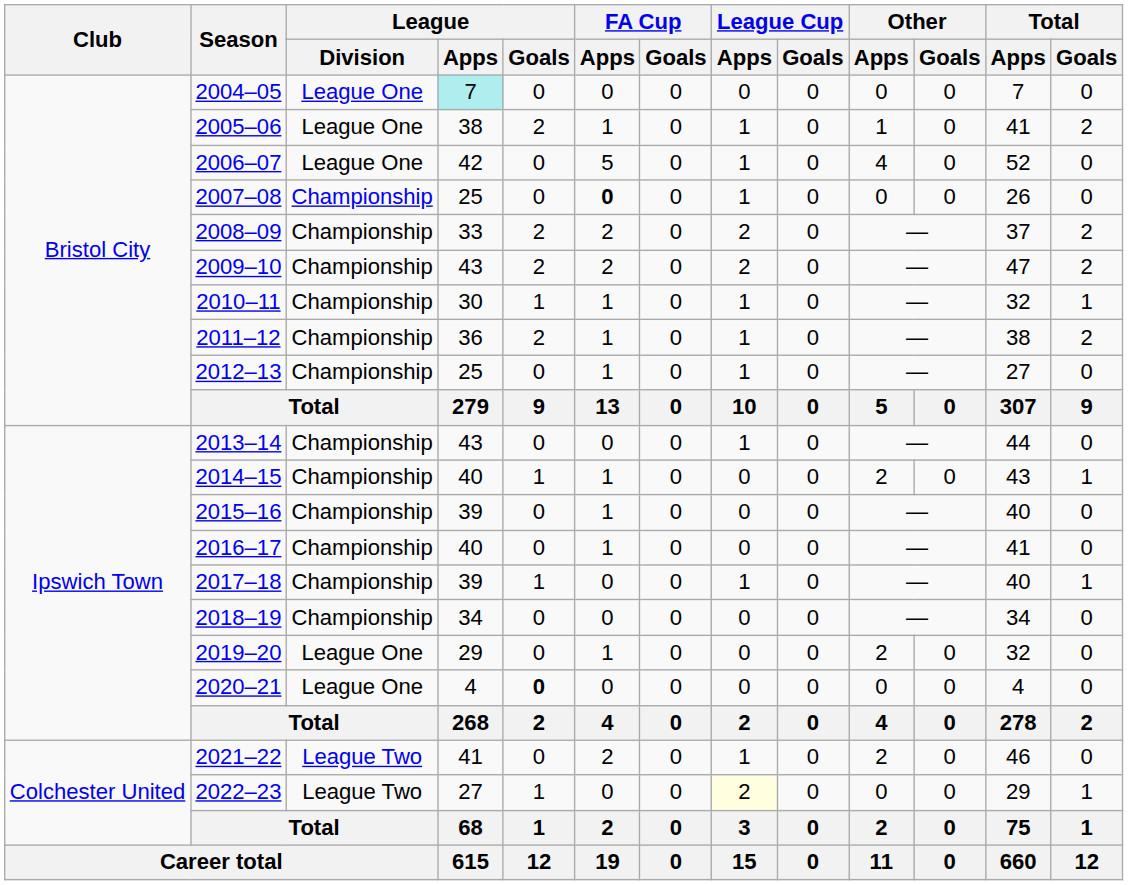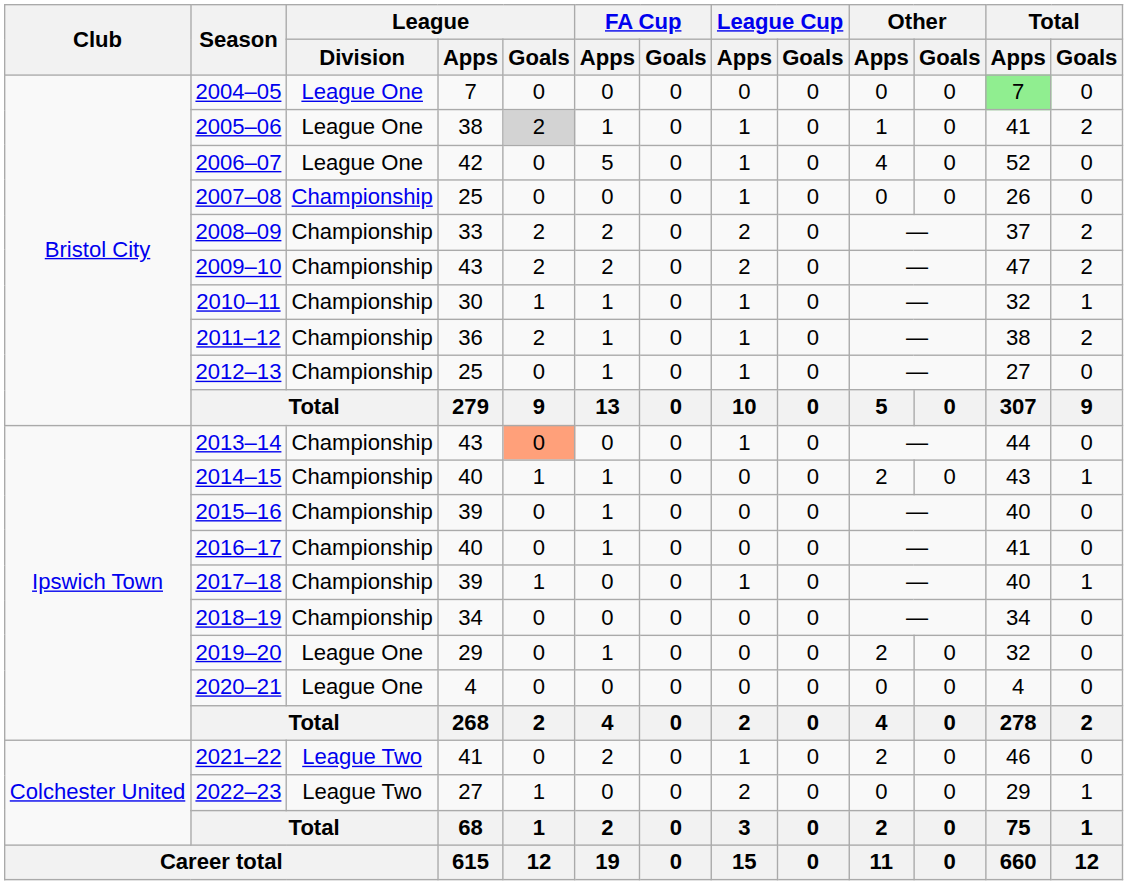 <table class="wikitable" style="text-align: center;">
 <tr>
 <th rowspan="2">Club</th>
 <th rowspan="2">Season</th>
 <th colspan="3">League</th>
 <th colspan="2"><a href='#'>FA Cup</a></th>
 <th colspan="2"><a href='#'>League Cup</a></th>
 <th colspan="2">Other</th>
 <th colspan="2">Total</th>
 </tr>
 <tr>
 <th>Division</th>
 <th>Apps</th>
 <th>Goals</th>
 <th>Apps</th>
 <th>Goals</th>
 <th>Apps</th>
 <th>Goals</th>
 <th>Apps</th>
 <th>Goals</th>
 <th>Apps</th>
 <th>Goals</th>
 </tr>
 <tr>
 <td rowspan="10" valign="center"><a href='#'>Bristol City</a></td>
 <td><a href='#'>2004–05</a></td>
 <td><a href='#'>League One</a></td>
-<td style="background: paleturquoise;">7</td>
+<td>7</td>
 <td>0</td>
 <td>0</td>
 <td>0</td>
 <td>0</td>
 <td>0</td>
 <td>0</td>
 <td>0</td>
-<td>7</td>
+<td style="background: lightgreen;">7</td>
 <td>0</td>
 </tr>
 <tr>
 <td><a href='#'>2005–06</a></td>
 <td>League One</td>
 <td>38</td>
-<td>2</td>
+<td style="background: lightgrey;">2</td>
 <td>1</td>
 <td>0</td>
 <td>1</td>
 <td>0</td>
 <td>1</td>
 <td>0</td>
 <td>41</td>
 <td>2</td>
 </tr>
 <tr>
 <td><a href='#'>2006–07</a></td>
 <td>League One</td>
 <td>42</td>
 <td>0</td>
 <td>5</td>
 <td>0</td>
 <td>1</td>
 <td>0</td>
 <td>4</td>
 <td>0</td>
 <td>52</td>
 <td>0</td>
 </tr>
 <tr>
 <td><a href='#'>2007–08</a></td>
 <td><a href='#'>Championship</a></td>
 <td>25</td>
 <td>0</td>
-<td><strong>0</strong></td>
+<td>0</td>
 <td>0</td>
 <td>1</td>
 <td>0</td>
 <td>0</td>
 <td>0</td>
 <td>26</td>
 <td>0</td>
 </tr>
 <tr>
 <td><a href='#'>2008–09</a></td>
 <td>Championship</td>
 <td>33</td>
 <td>2</td>
 <td>2</td>
 <td>0</td>
 <td>2</td>
 <td>0</td>
 <td colspan="2">—</td>
 <td>37</td>
 <td>2</td>
 </tr>
 <tr>
 <td><a href='#'>2009–10</a></td>
 <td>Championship</td>
 <td>43</td>
 <td>2</td>
 <td>2</td>
 <td>0</td>
 <td>2</td>
 <td>0</td>
 <td colspan="2">—</td>
 <td>47</td>
 <td>2</td>
 </tr>
 <tr>
 <td><a href='#'>2010–11</a></td>
 <td>Championship</td>
 <td>30</td>
 <td>1</td>
 <td>1</td>
 <td>0</td>
 <td>1</td>
 <td>0</td>
 <td colspan="2">—</td>
 <td>32</td>
 <td>1</td>
 </tr>
 <tr>
 <td><a href='#'>2011–12</a></td>
 <td>Championship</td>
 <td>36</td>
 <td>2</td>
 <td>1</td>
 <td>0</td>
 <td>1</td>
 <td>0</td>
 <td colspan="2">—</td>
 <td>38</td>
 <td>2</td>
 </tr>
 <tr>
 <td><a href='#'>2012–13</a></td>
 <td>Championship</td>
 <td>25</td>
 <td>0</td>
 <td>1</td>
 <td>0</td>
 <td>1</td>
 <td>0</td>
 <td colspan="2">—</td>
 <td>27</td>
 <td>0</td>
 </tr>
 <tr>
 <th colspan="2">Total</th>
 <th>279</th>
 <th>9</th>
 <th>13</th>
 <th>0</th>
 <th>10</th>
 <th>0</th>
 <th>5</th>
 <th>0</th>
 <th>307</th>
 <th>9</th>
 </tr>
 <tr>
 <td rowspan="9" valign="center"><a href='#'>Ipswich Town</a></td>
 <td><a href='#'>2013–14</a></td>
 <td>Championship</td>
 <td>43</td>
-<td>0</td>
+<td style="background: lightsalmon;">0</td>
 <td>0</td>
 <td>0</td>
 <td>1</td>
 <td>0</td>
 <td colspan="2">—</td>
 <td>44</td>
 <td>0</td>
 </tr>
 <tr>
 <td><a href='#'>2014–15</a></td>
 <td>Championship</td>
 <td>40</td>
 <td>1</td>
 <td>1</td>
 <td>0</td>
 <td>0</td>
 <td>0</td>
 <td>2</td>
 <td>0</td>
 <td>43</td>
 <td>1</td>
 </tr>
 <tr>
 <td><a href='#'>2015–16</a></td>
 <td>Championship</td>
 <td>39</td>
 <td>0</td>
 <td>1</td>
 <td>0</td>
 <td>0</td>
 <td>0</td>
 <td colspan="2">—</td>
 <td>40</td>
 <td>0</td>
 </tr>
 <tr>
 <td><a href='#'>2016–17</a></td>
 <td>Championship</td>
 <td>40</td>
 <td>0</td>
 <td>1</td>
 <td>0</td>
 <td>0</td>
 <td>0</td>
 <td colspan="2">—</td>
 <td>41</td>
 <td>0</td>
 </tr>
 <tr>
 <td><a href='#'>2017–18</a></td>
 <td>Championship</td>
 <td>39</td>
 <td>1</td>
 <td>0</td>
 <td>0</td>
 <td>1</td>
 <td>0</td>
 <td colspan="2">—</td>
 <td>40</td>
 <td>1</td>
 </tr>
 <tr>
 <td><a href='#'>2018–19</a></td>
 <td>Championship</td>
 <td>34</td>
 <td>0</td>
 <td>0</td>
 <td>0</td>
 <td>0</td>
 <td>0</td>
 <td colspan="2">—</td>
 <td>34</td>
 <td>0</td>
 </tr>
 <tr>
 <td><a href='#'>2019–20</a></td>
 <td>League One</td>
 <td>29</td>
 <td>0</td>
 <td>1</td>
 <td>0</td>
 <td>0</td>
 <td>0</td>
 <td>2</td>
 <td>0</td>
 <td>32</td>
 <td>0</td>
 </tr>
 <tr>
 <td><a href='#'>2020–21</a></td>
 <td>League One</td>
 <td>4</td>
-<td><strong>0</strong></td>
+<td>0</td>
 <td>0</td>
 <td>0</td>
 <td>0</td>
 <td>0</td>
 <td>0</td>
 <td>0</td>
 <td>4</td>
 <td>0</td>
 </tr>
 <tr>
 <th colspan="2">Total</th>
 <th>268</th>
 <th>2</th>
 <th>4</th>
 <th>0</th>
 <th>2</th>
 <th>0</th>
 <th>4</th>
 <th>0</th>
 <th>278</th>
 <th>2</th>
 </tr>
 <tr>
 <td rowspan="3" valign="center"><a href='#'>Colchester United</a></td>
 <td><a href='#'>2021–22</a></td>
 <td><a href='#'>League Two</a></td>
 <td>41</td>
 <td>0</td>
 <td>2</td>
 <td>0</td>
 <td>1</td>
 <td>0</td>
 <td>2</td>
 <td>0</td>
 <td>46</td>
 <td>0</td>
 </tr>
 <tr>
 <td><a href='#'>2022–23</a></td>
 <td>League Two</td>
 <td>27</td>
 <td>1</td>
 <td>0</td>
 <td>0</td>
-<td style="background: lightyellow;">2</td>
+<td>2</td>
 <td>0</td>
 <td>0</td>
 <td>0</td>
 <td>29</td>
 <td>1</td>
 </tr>
 <tr>
 <th colspan="2">Total</th>
 <th>68</th>
 <th>1</th>
 <th>2</th>
 <th>0</th>
 <th>3</th>
 <th>0</th>
 <th>2</th>
 <th>0</th>
 <th>75</th>
 <th>1</th>
 </tr>
 <tr>
 <th colspan="3">Career total</th>
 <th>615</th>
 <th>12</th>
 <th>19</th>
 <th>0</th>
 <th>15</th>
 <th>0</th>
 <th>11</th>
 <th>0</th>
 <th>660</th>
 <th>12</th>
 </tr>
 </table>
